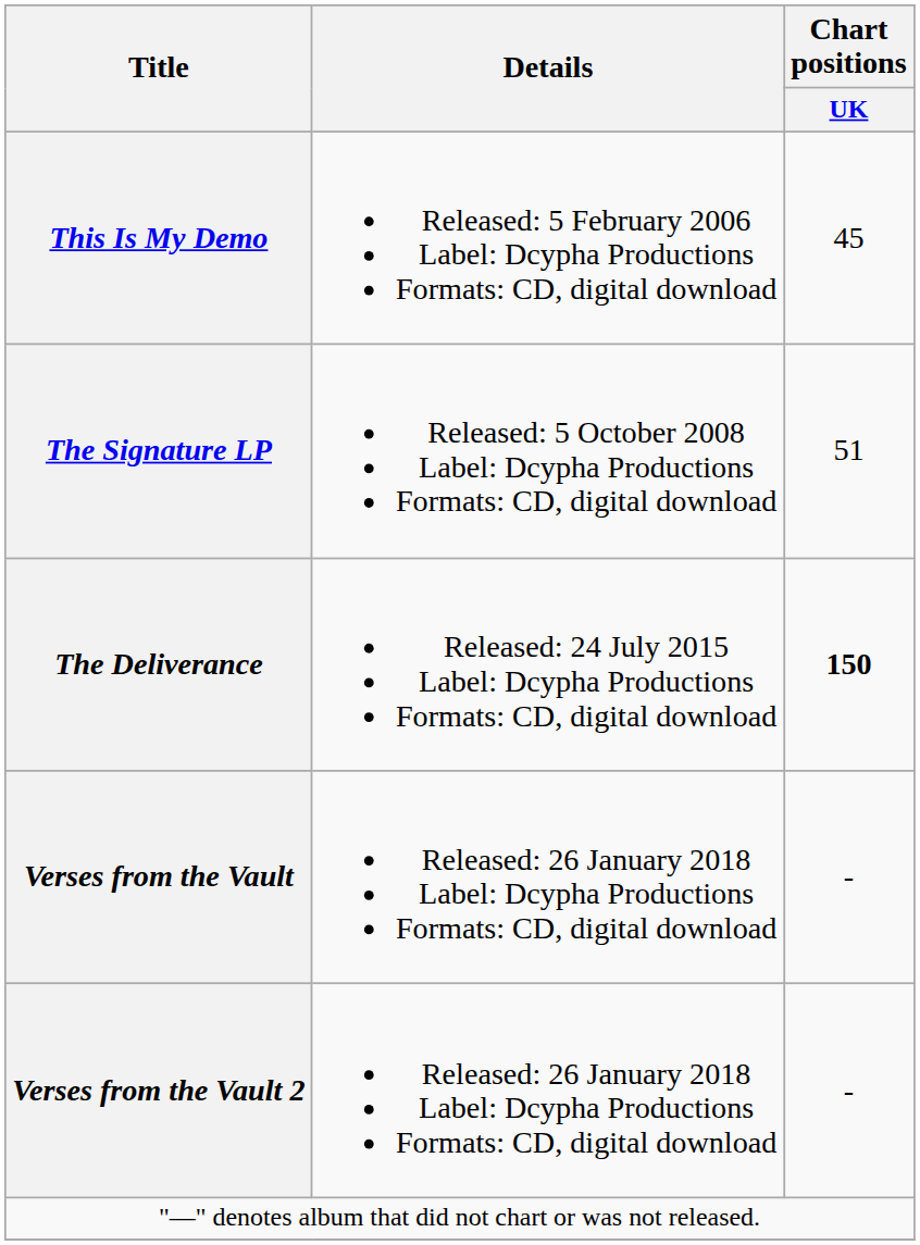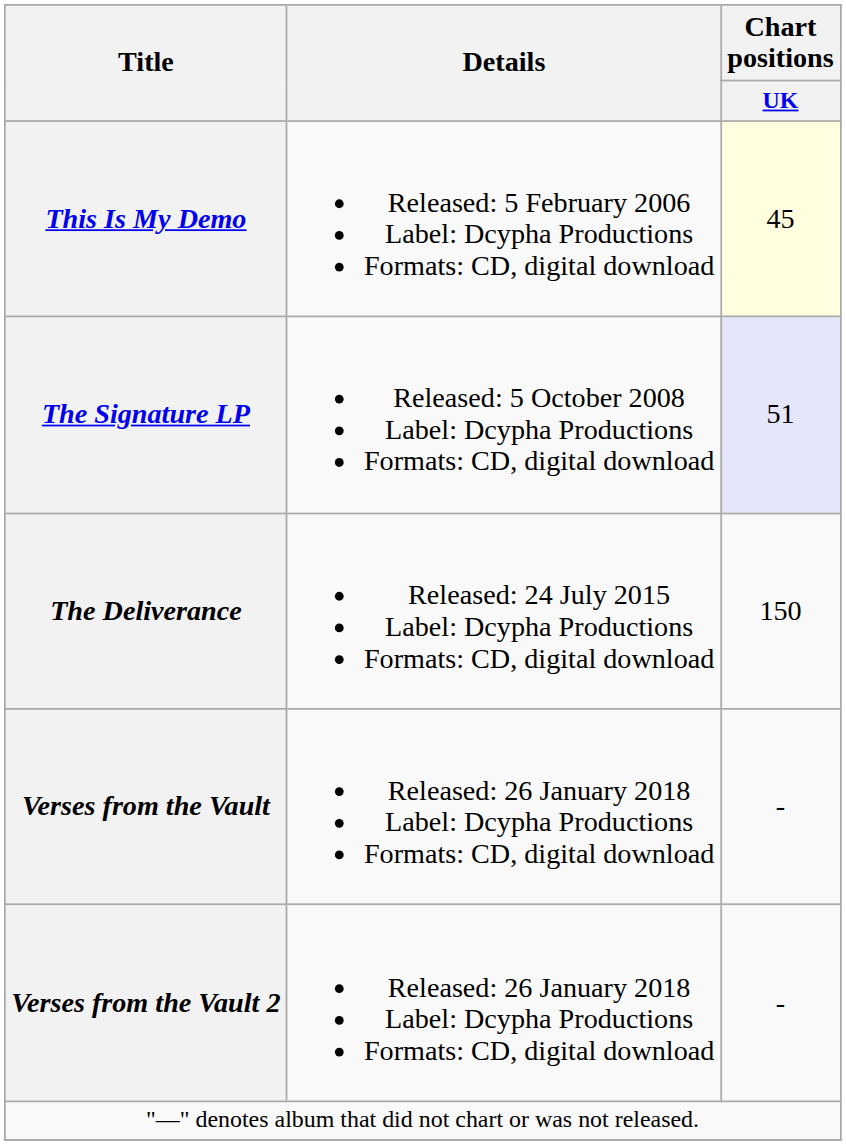 <table class="wikitable plainrowheaders" style="text-align:center;">
 <tr>
 <th scope="col" rowspan="2">Title</th>
 <th scope="col" rowspan="2">Details</th>
 <th scope="col" colspan="1">Chart positions</th>
 </tr>
 <tr>
 <th scope="col" style="width:3em;font-size:85%;"><a href='#'>UK</a></th>
 </tr>
 <tr>
 <th scope="row"><em><a href='#'>This Is My Demo</a></em></th>
 <td><br><ul><li>Released: 5 February 2006</li><li>Label: Dcypha Productions</li><li>Formats: CD, digital download</li></ul></td>
-<td>45</td>
+<td style="background: lightyellow;">45</td>
 </tr>
 <tr>
 <th scope="row"><em><a href='#'>The Signature LP</a></em></th>
 <td><br><ul><li>Released: 5 October 2008</li><li>Label: Dcypha Productions</li><li>Formats: CD, digital download</li></ul></td>
-<td>51</td>
+<td style="background: lavender;">51</td>
 </tr>
 <tr>
 <th scope="row"><em>The Deliverance</em></th>
 <td><br><ul><li>Released: 24 July 2015</li><li>Label: Dcypha Productions</li><li>Formats: CD, digital download</li></ul></td>
-<td><strong>150</strong></td>
+<td>150</td>
 </tr>
 <tr>
 <th scope="row"><em>Verses from the Vault</em></th>
 <td><br><ul><li>Released: 26 January 2018</li><li>Label: Dcypha Productions</li><li>Formats: CD, digital download</li></ul></td>
 <td>-</td>
 </tr>
 <tr>
 <th scope="row"><em>Verses from the Vault 2</em></th>
 <td><br><ul><li>Released: 26 January 2018</li><li>Label: Dcypha Productions</li><li>Formats: CD, digital download</li></ul></td>
 <td>-</td>
 </tr>
 <tr>
 <td colspan="18" style="font-size:85%">"—" denotes album that did not chart or was not released.</td>
 </tr>
 <tr>
 </tr>
 </table>
